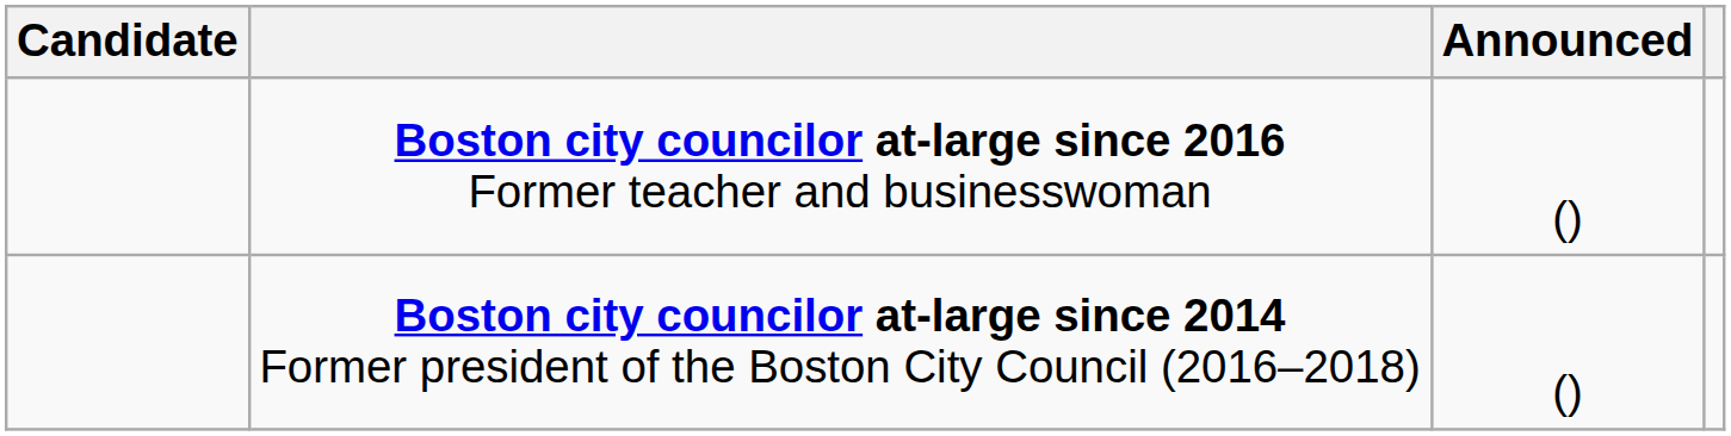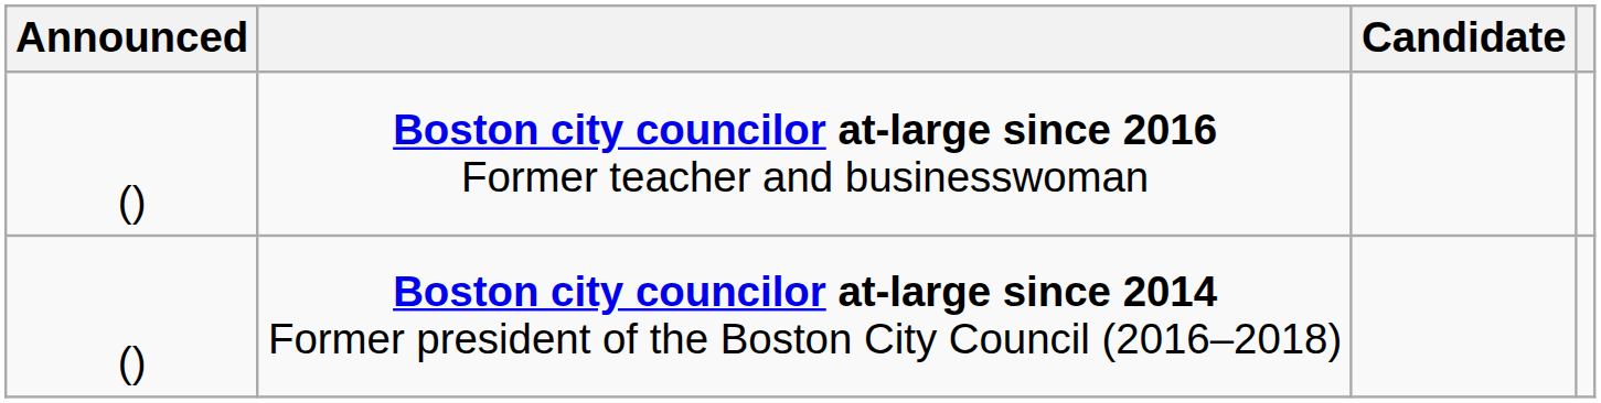 <table class="wikitable sortable" style="text-align:center">
 <tr>
+<th>Announced</th>
+<th class="unsortable"></th>
 <th>Candidate</th>
-<th class="unsortable"></th>
-<th>Announced</th>
 <th class="unsortable"></th>
 </tr>
 <tr>
+<td><br><br>()</td>
+<td><strong><a href='#'>Boston city councilor</a> at-large since 2016</strong><br>Former teacher and businesswoman</td>
 <td></td>
-<td><strong><a href='#'>Boston city councilor</a> at-large since 2016</strong><br>Former teacher and businesswoman</td>
-<td><br><br>()</td>
 <td></td>
 </tr>
 <tr>
+<td><br><br>()</td>
+<td><strong><a href='#'>Boston city councilor</a> at-large since 2014</strong><br>Former president of the Boston City Council (2016–2018)</td>
 <td></td>
-<td><strong><a href='#'>Boston city councilor</a> at-large since 2014</strong><br>Former president of the Boston City Council (2016–2018)</td>
-<td><br><br>()</td>
 <td></td>
 </tr>
 </table>
